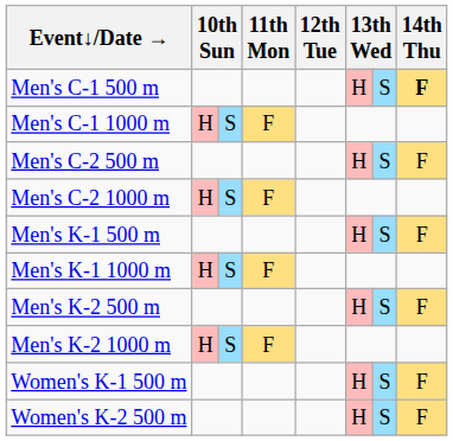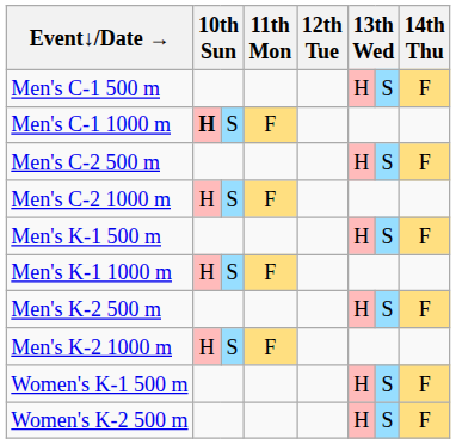 <table class="wikitable" style="margin:0.5em auto; font-size:90%; line-height:1.25em; text-align:center;">
 <tr>
 <th>Event↓/Date →</th>
 <th colspan=2>10th<br>Sun</th>
 <th>11th<br>Mon</th>
 <th>12th<br>Tue</th>
 <th colspan=2>13th<br>Wed</th>
 <th>14th<br>Thu</th>
 </tr>
 <tr>
 <td align="left"><a href='#'>Men's C-1 500 m</a></td>
 <td colspan=2></td>
 <td></td>
 <td></td>
 <td bgcolor="#FFBBBB">H</td>
 <td bgcolor="#97DEFF">S</td>
-<td bgcolor="#FFDF80"><strong>F</strong></td>
+<td bgcolor="#FFDF80">F</td>
 </tr>
 <tr>
 <td align="left"><a href='#'>Men's C-1 1000 m</a></td>
-<td bgcolor="#FFBBBB">H</td>
+<td bgcolor="#FFBBBB"><strong>H</strong></td>
 <td bgcolor="#97DEFF">S</td>
 <td bgcolor="#FFDF80">F</td>
 <td></td>
 <td colspan=2></td>
 <td></td>
 </tr>
 <tr>
 <td align="left"><a href='#'>Men's C-2 500 m</a></td>
 <td colspan=2></td>
 <td></td>
 <td></td>
 <td bgcolor="#FFBBBB">H</td>
 <td bgcolor="#97DEFF">S</td>
 <td bgcolor="#FFDF80">F</td>
 </tr>
 <tr>
 <td align="left"><a href='#'>Men's C-2 1000 m</a></td>
 <td bgcolor="#FFBBBB">H</td>
 <td bgcolor="#97DEFF">S</td>
 <td bgcolor="#FFDF80">F</td>
 <td></td>
 <td colspan=2></td>
 <td></td>
 </tr>
 <tr>
 <td align="left"><a href='#'>Men's K-1 500 m</a></td>
 <td colspan=2></td>
 <td></td>
 <td></td>
 <td bgcolor="#FFBBBB">H</td>
 <td bgcolor="#97DEFF">S</td>
 <td bgcolor="#FFDF80">F</td>
 </tr>
 <tr>
 <td align="left"><a href='#'>Men's K-1 1000 m</a></td>
 <td bgcolor="#FFBBBB">H</td>
 <td bgcolor="#97DEFF">S</td>
 <td bgcolor="#FFDF80">F</td>
 <td></td>
 <td colspan=2></td>
 <td></td>
 </tr>
 <tr>
 <td align="left"><a href='#'>Men's K-2 500 m</a></td>
 <td colspan=2></td>
 <td></td>
 <td></td>
 <td bgcolor="#FFBBBB">H</td>
 <td bgcolor="#97DEFF">S</td>
 <td bgcolor="#FFDF80">F</td>
 </tr>
 <tr>
 <td align="left"><a href='#'>Men's K-2 1000 m</a></td>
 <td bgcolor="#FFBBBB">H</td>
 <td bgcolor="#97DEFF">S</td>
 <td bgcolor="#FFDF80">F</td>
 <td></td>
 <td colspan=2></td>
 <td></td>
 </tr>
 <tr>
 <td align="left"><a href='#'>Women's K-1 500 m</a></td>
 <td colspan=2></td>
 <td></td>
 <td></td>
 <td bgcolor="#FFBBBB">H</td>
 <td bgcolor="#97DEFF">S</td>
 <td bgcolor="#FFDF80">F</td>
 </tr>
 <tr>
 <td align="left"><a href='#'>Women's K-2 500 m</a></td>
 <td colspan=2></td>
 <td></td>
 <td></td>
 <td bgcolor="#FFBBBB">H</td>
 <td bgcolor="#97DEFF">S</td>
 <td bgcolor="#FFDF80">F</td>
 </tr>
 </table>
